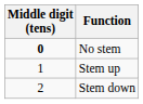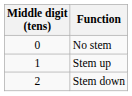 <table class="wikitable" style="text-align: left">
 <tr>
 <th>Middle digit<br>(tens)</th>
 <th>Function</th>
 </tr>
 <tr>
-<td style="text-align: center"><strong>0</strong></td>
+<td style="text-align: center">0</td>
 <td>No stem</td>
 </tr>
 <tr>
 <td style="text-align: center">1</td>
 <td>Stem up</td>
 </tr>
 <tr>
 <td style="text-align: center">2</td>
 <td>Stem down</td>
 </tr>
 </table>
